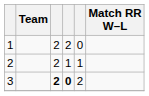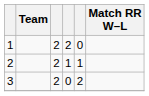 <table class="wikitable">
 <tr>
 <th -Pos></th>
 <th>Team</th>
 <th Played></th>
 <th Won></th>
 <th Lost></th>
 <th>Match RR <br>W–L</th>
 </tr>
 <tr>
 <td>1</td>
 <td><strong></strong></td>
 <td>2</td>
 <td>2</td>
 <td>0</td>
 <td></td>
 </tr>
 <tr>
 <td>2</td>
 <td></td>
 <td>2</td>
 <td>1</td>
 <td>1</td>
 <td></td>
 </tr>
 <tr>
 <td>3</td>
 <td></td>
-<td><strong>2</strong></td>
-<td><strong>0</strong></td>
+<td>2</td>
+<td>0</td>
 <td>2</td>
 <td></td>
 </tr>
 <tr>
 </tr>
 </table>
